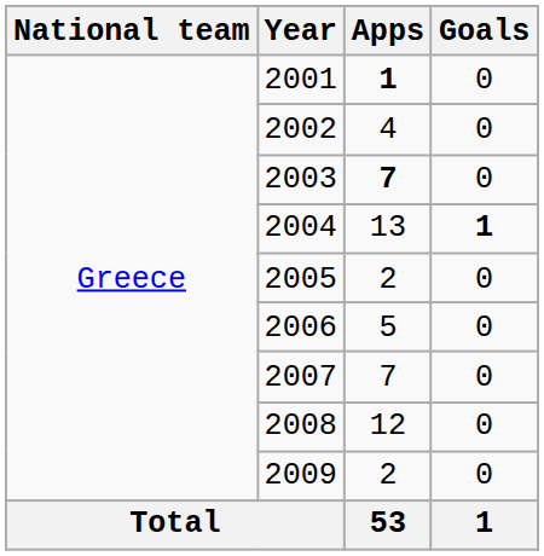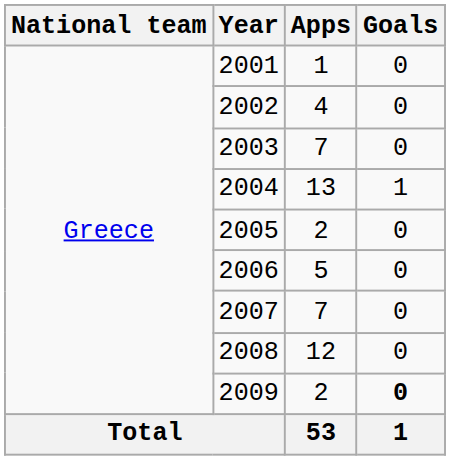 <table class="wikitable" style="text-align:center">
 <tr>
 <th>National team</th>
 <th>Year</th>
 <th>Apps</th>
 <th>Goals</th>
 </tr>
 <tr>
 <td rowspan="9"><a href='#'>Greece</a></td>
 <td>2001</td>
-<td><strong>1</strong></td>
+<td>1</td>
 <td>0</td>
 </tr>
 <tr>
 <td>2002</td>
 <td>4</td>
 <td>0</td>
 </tr>
 <tr>
 <td>2003</td>
-<td><strong>7</strong></td>
+<td>7</td>
 <td>0</td>
 </tr>
 <tr>
 <td>2004</td>
 <td>13</td>
-<td><strong>1</strong></td>
+<td>1</td>
 </tr>
 <tr>
 <td>2005</td>
 <td>2</td>
 <td>0</td>
 </tr>
 <tr>
 <td>2006</td>
 <td>5</td>
 <td>0</td>
 </tr>
 <tr>
 <td>2007</td>
 <td>7</td>
 <td>0</td>
 </tr>
 <tr>
 <td>2008</td>
 <td>12</td>
 <td>0</td>
 </tr>
 <tr>
 <td>2009</td>
 <td>2</td>
-<td>0</td>
+<td><strong>0</strong></td>
 </tr>
 <tr>
 <th colspan="2">Total</th>
 <th>53</th>
 <th>1</th>
 </tr>
 </table>
